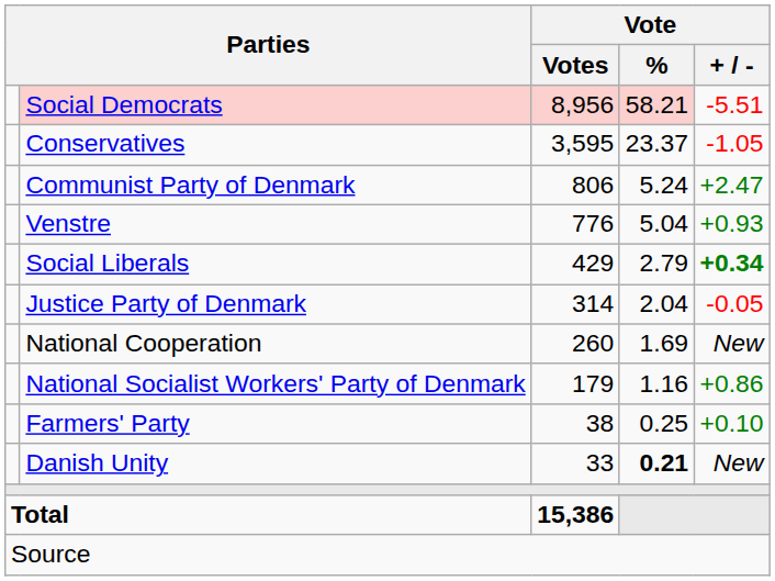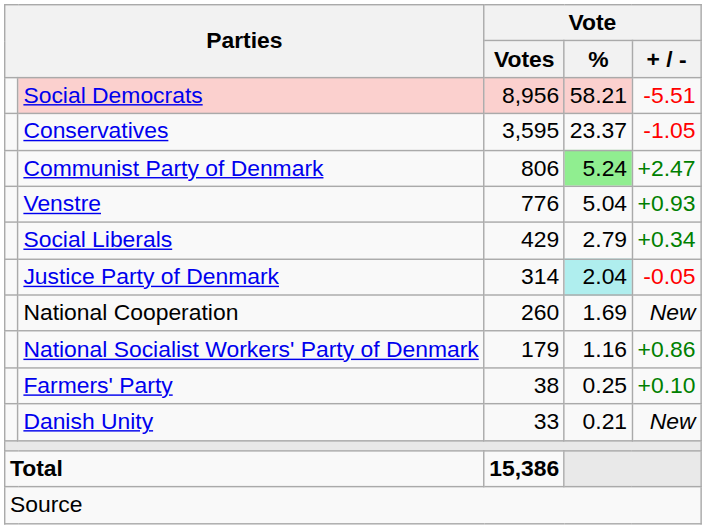 <table class="wikitable" style="text-align:right;">
 <tr>
 <th style="text-align:centre;" rowspan="2" colspan="2" width="225">Parties</th>
 <th colspan="3">Vote</th>
 </tr>
 <tr>
 <th width="15">Votes</th>
 <th width="15">%</th>
 <th width="15">+ / -</th>
 </tr>
 <tr>
 <td width="2" style="color:inherit;background:"></td>
 <td bgcolor=#fbd0ce  align="left"><a href='#'>Social Democrats</a></td>
 <td bgcolor=#fbd0ce>8,956</td>
 <td bgcolor=#fbd0ce>58.21</td>
 <td style=color:red;>-5.51</td>
 </tr>
 <tr>
 <td width="2" style="color:inherit;background:"></td>
 <td align="left"><a href='#'>Conservatives</a></td>
 <td>3,595</td>
 <td>23.37</td>
 <td style=color:red;>-1.05</td>
 </tr>
 <tr>
 <td width="2" style="color:inherit;background:"></td>
 <td align="left"><a href='#'>Communist Party of Denmark</a></td>
 <td>806</td>
-<td>5.24</td>
+<td style="background: lightgreen;">5.24</td>
 <td style=color:green;>+2.47</td>
 </tr>
 <tr>
 <td width="2" style="color:inherit;background:"></td>
 <td align="left"><a href='#'>Venstre</a></td>
 <td>776</td>
 <td>5.04</td>
 <td style=color:green;>+0.93</td>
 </tr>
 <tr>
 <td width="2" style="color:inherit;background:"></td>
 <td align="left"><a href='#'>Social Liberals</a></td>
 <td>429</td>
 <td>2.79</td>
-<td style=color:green;><strong>+0.34</strong></td>
+<td style=color:green;>+0.34</td>
 </tr>
 <tr>
 <td width="2" style="color:inherit;background:"></td>
 <td align="left"><a href='#'>Justice Party of Denmark</a></td>
 <td>314</td>
-<td>2.04</td>
+<td style="background: paleturquoise;">2.04</td>
 <td style=color:red;>-0.05</td>
 </tr>
 <tr>
 <td width="2" style="color:inherit;background:"></td>
 <td align="left">National Cooperation</td>
 <td>260</td>
 <td>1.69</td>
 <td><em>New</em></td>
 </tr>
 <tr>
 <td width="2" style="color:inherit;background:"></td>
 <td align="left"><a href='#'>National Socialist Workers' Party of Denmark</a></td>
 <td>179</td>
 <td>1.16</td>
 <td style=color:green;>+0.86</td>
 </tr>
 <tr>
 <td width="2" style="color:inherit;background:"></td>
 <td align="left"><a href='#'>Farmers' Party</a></td>
 <td>38</td>
 <td>0.25</td>
 <td style=color:green;>+0.10</td>
 </tr>
 <tr>
 <td width="2" style="color:inherit;background:"></td>
 <td align="left"><a href='#'>Danish Unity</a></td>
 <td>33</td>
-<td><strong>0.21</strong></td>
+<td>0.21</td>
 <td><em>New</em></td>
 </tr>
 <tr>
 <td colspan="7" bgcolor="#E9E9E9"></td>
 </tr>
 <tr>
 <td align="left" colspan="2"><strong>Total</strong></td>
 <td><strong>15,386</strong></td>
 <td bgcolor="#E9E9E9" colspan="2"></td>
 </tr>
 <tr>
 <td align="left" colspan="6">Source</td>
 </tr>
 </table>
